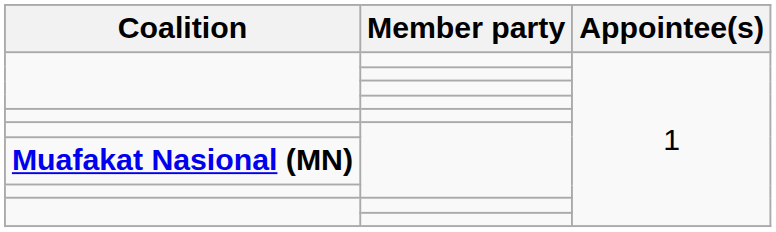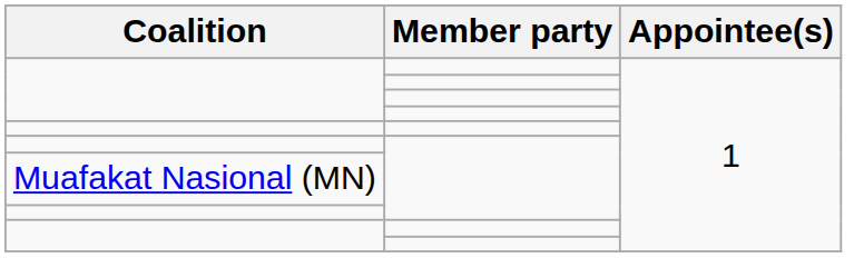 <table class="wikitable">
 <tr>
 <th>Coalition</th>
 <th>Member party</th>
 <th>Appointee(s)</th>
 </tr>
 <tr>
 <td rowspan="4"></td>
 <td></td>
 <td rowspan="10" align=center>1</td>
 </tr>
 <tr>
 <td></td>
 </tr>
 <tr>
 <td></td>
 </tr>
 <tr>
 <td></td>
 </tr>
 <tr>
 <td></td>
 <td></td>
 </tr>
 <tr>
 <td></td>
 <td rowspan="3"></td>
 </tr>
 <tr>
-<td><strong><a href='#'>Muafakat Nasional</a> (MN)</strong></td>
+<td><a href='#'>Muafakat Nasional</a> (MN)</td>
 </tr>
 <tr>
 <td></td>
 </tr>
 <tr>
 <td rowspan="2"></td>
 <td></td>
 </tr>
 <tr>
 <td></td>
 </tr>
 </table>
